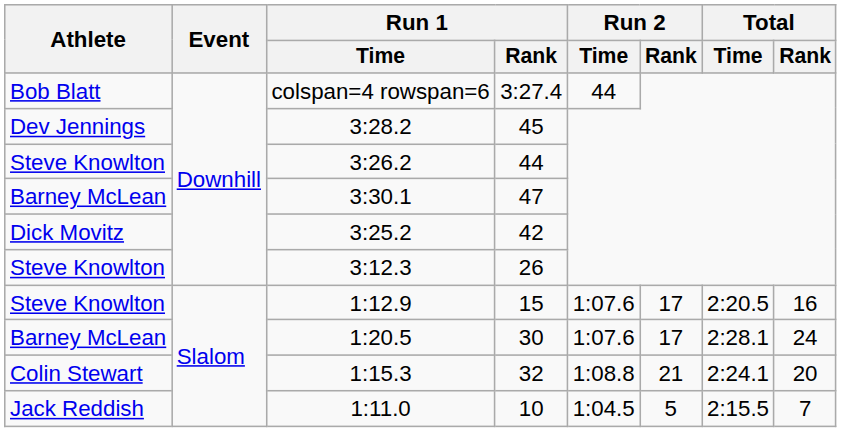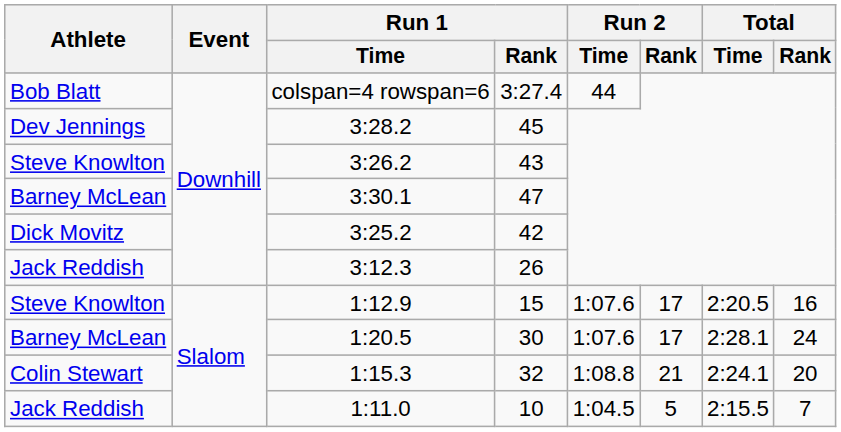 <table class=wikitable style=font-size:90%;text-align:center>
 <tr>
 <th rowspan=2>Athlete</th>
 <th rowspan=2>Event</th>
 <th colspan=2>Run 1</th>
 <th colspan=2>Run 2</th>
 <th colspan=2>Total</th>
 </tr>
 <tr style=font-size:95%>
 <th>Time</th>
 <th>Rank</th>
 <th>Time</th>
 <th>Rank</th>
 <th>Time</th>
 <th>Rank</th>
 </tr>
 <tr>
 <td align=left><a href='#'>Bob Blatt</a></td>
 <td align=left rowspan=6><a href='#'>Downhill</a></td>
 <td>colspan=4 rowspan=6 </td>
 <td>3:27.4</td>
 <td>44</td>
 </tr>
 <tr>
 <td align=left><a href='#'>Dev Jennings</a></td>
 <td>3:28.2</td>
 <td>45</td>
 </tr>
 <tr>
 <td align=left><a href='#'>Steve Knowlton</a></td>
 <td>3:26.2</td>
-<td>44</td>
+<td>43</td>
 </tr>
 <tr>
 <td align=left><a href='#'>Barney McLean</a></td>
 <td>3:30.1</td>
 <td>47</td>
 </tr>
 <tr>
 <td align=left><a href='#'>Dick Movitz</a></td>
 <td>3:25.2</td>
 <td>42</td>
 </tr>
 <tr>
-<td align=left><a href='#'>Steve Knowlton</a></td>
+<td align=left><a href='#'>Jack Reddish</a></td>
 <td>3:12.3</td>
 <td>26</td>
 </tr>
 <tr>
 <td align=left><a href='#'>Steve Knowlton</a></td>
 <td align=left rowspan=4><a href='#'>Slalom</a></td>
 <td>1:12.9</td>
 <td>15</td>
 <td>1:07.6</td>
 <td>17</td>
 <td>2:20.5</td>
 <td>16</td>
 </tr>
 <tr>
 <td align=left><a href='#'>Barney McLean</a></td>
 <td>1:20.5</td>
 <td>30</td>
 <td>1:07.6</td>
 <td>17</td>
 <td>2:28.1</td>
 <td>24</td>
 </tr>
 <tr>
 <td align=left><a href='#'>Colin Stewart</a></td>
 <td>1:15.3</td>
 <td>32</td>
 <td>1:08.8</td>
 <td>21</td>
 <td>2:24.1</td>
 <td>20</td>
 </tr>
 <tr>
 <td align=left><a href='#'>Jack Reddish</a></td>
 <td>1:11.0</td>
 <td>10</td>
 <td>1:04.5</td>
 <td>5</td>
 <td>2:15.5</td>
 <td>7</td>
 </tr>
 </table>
